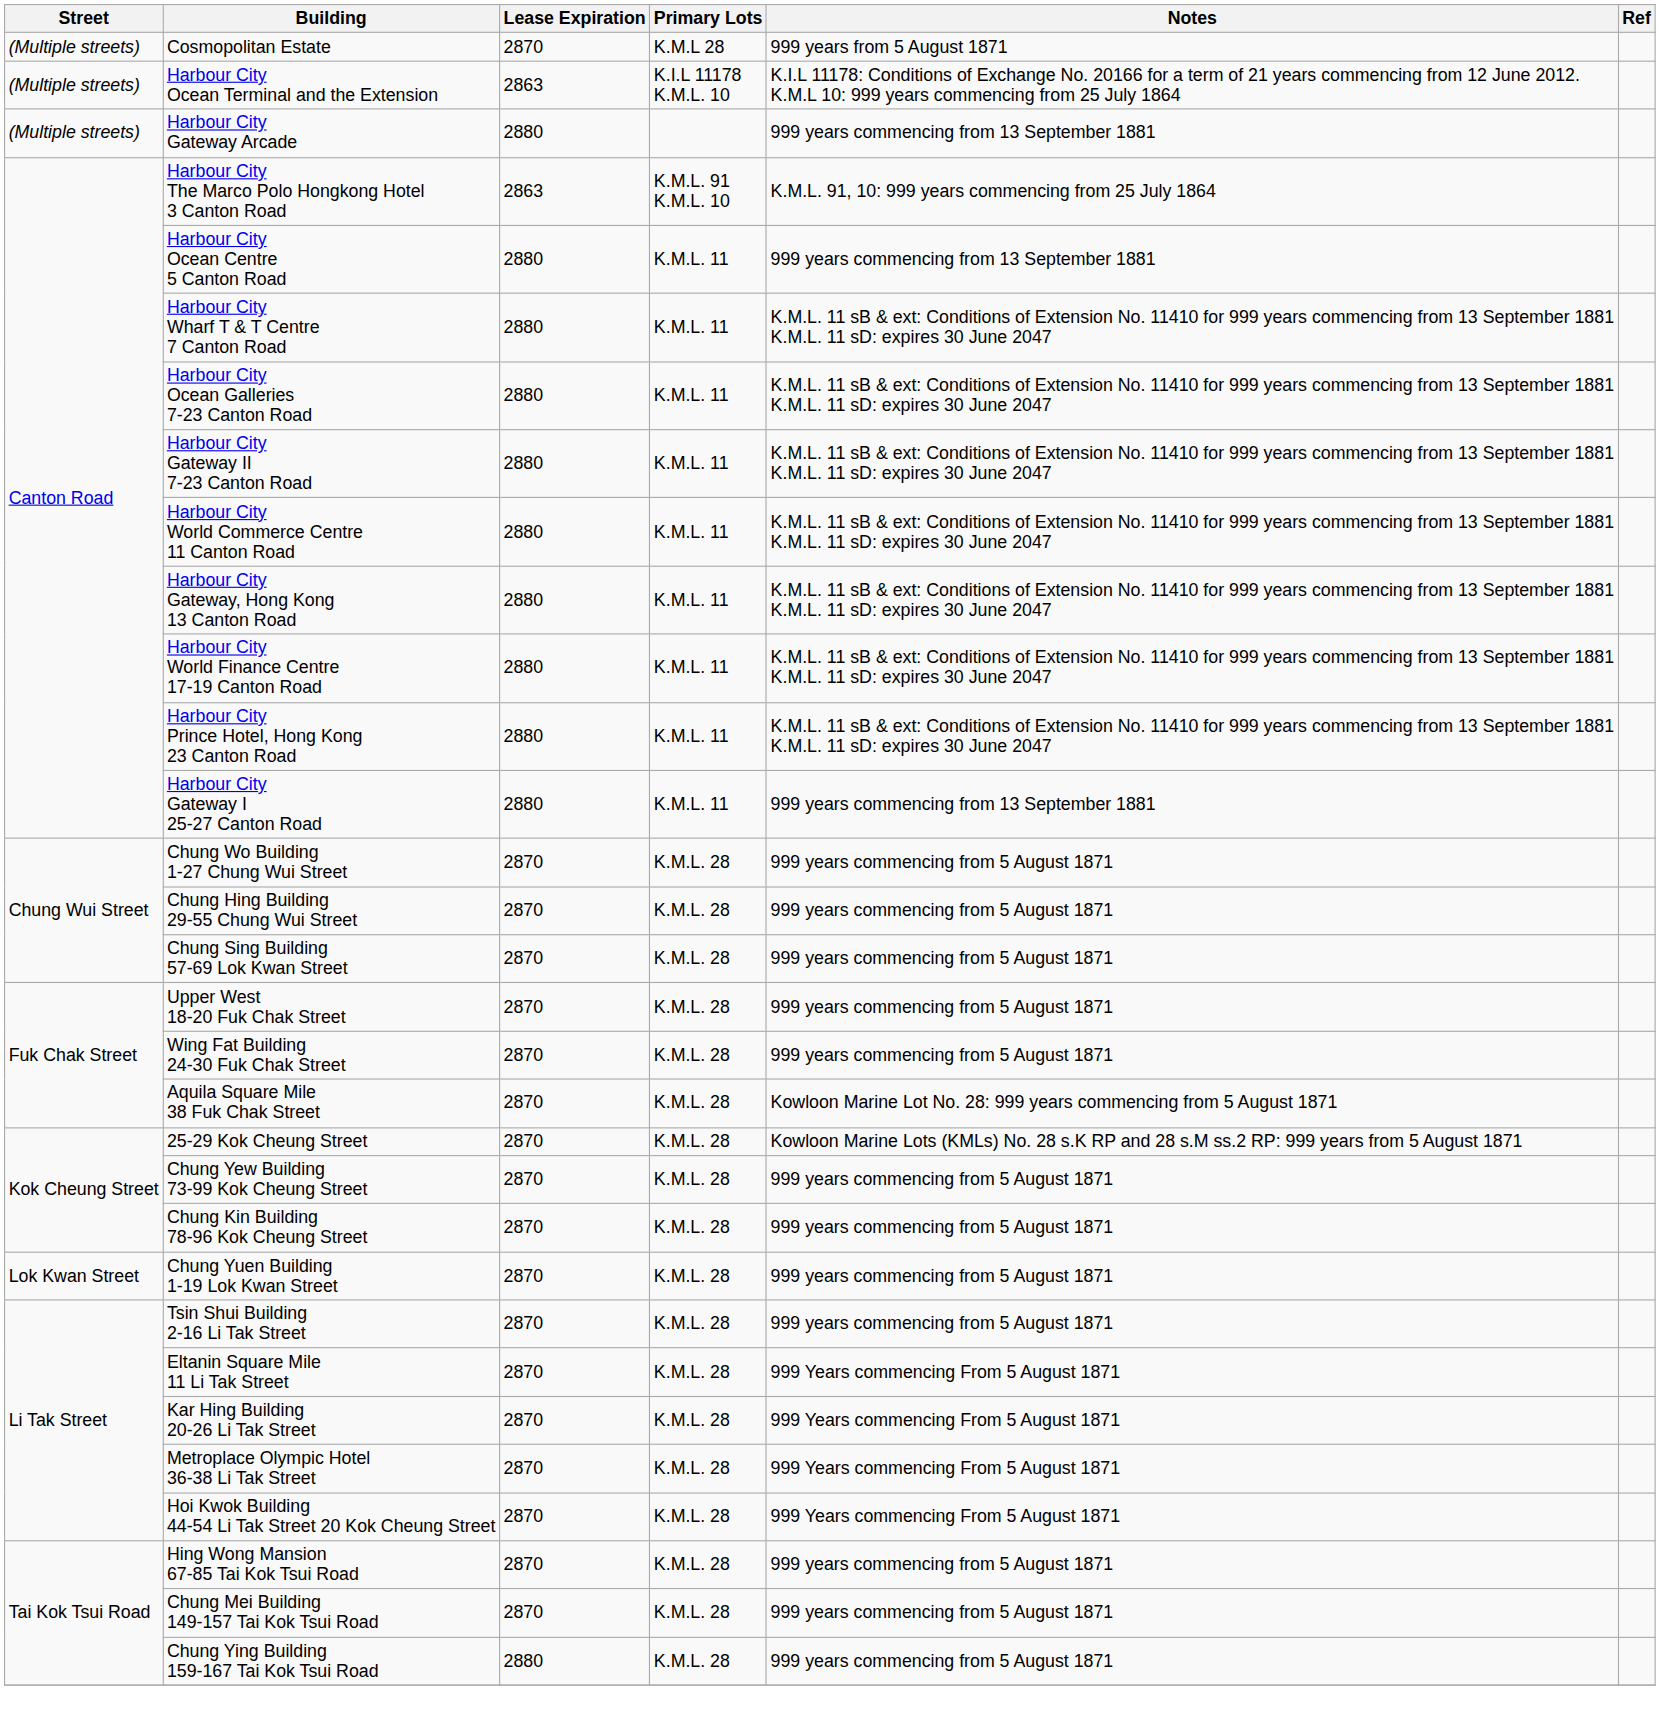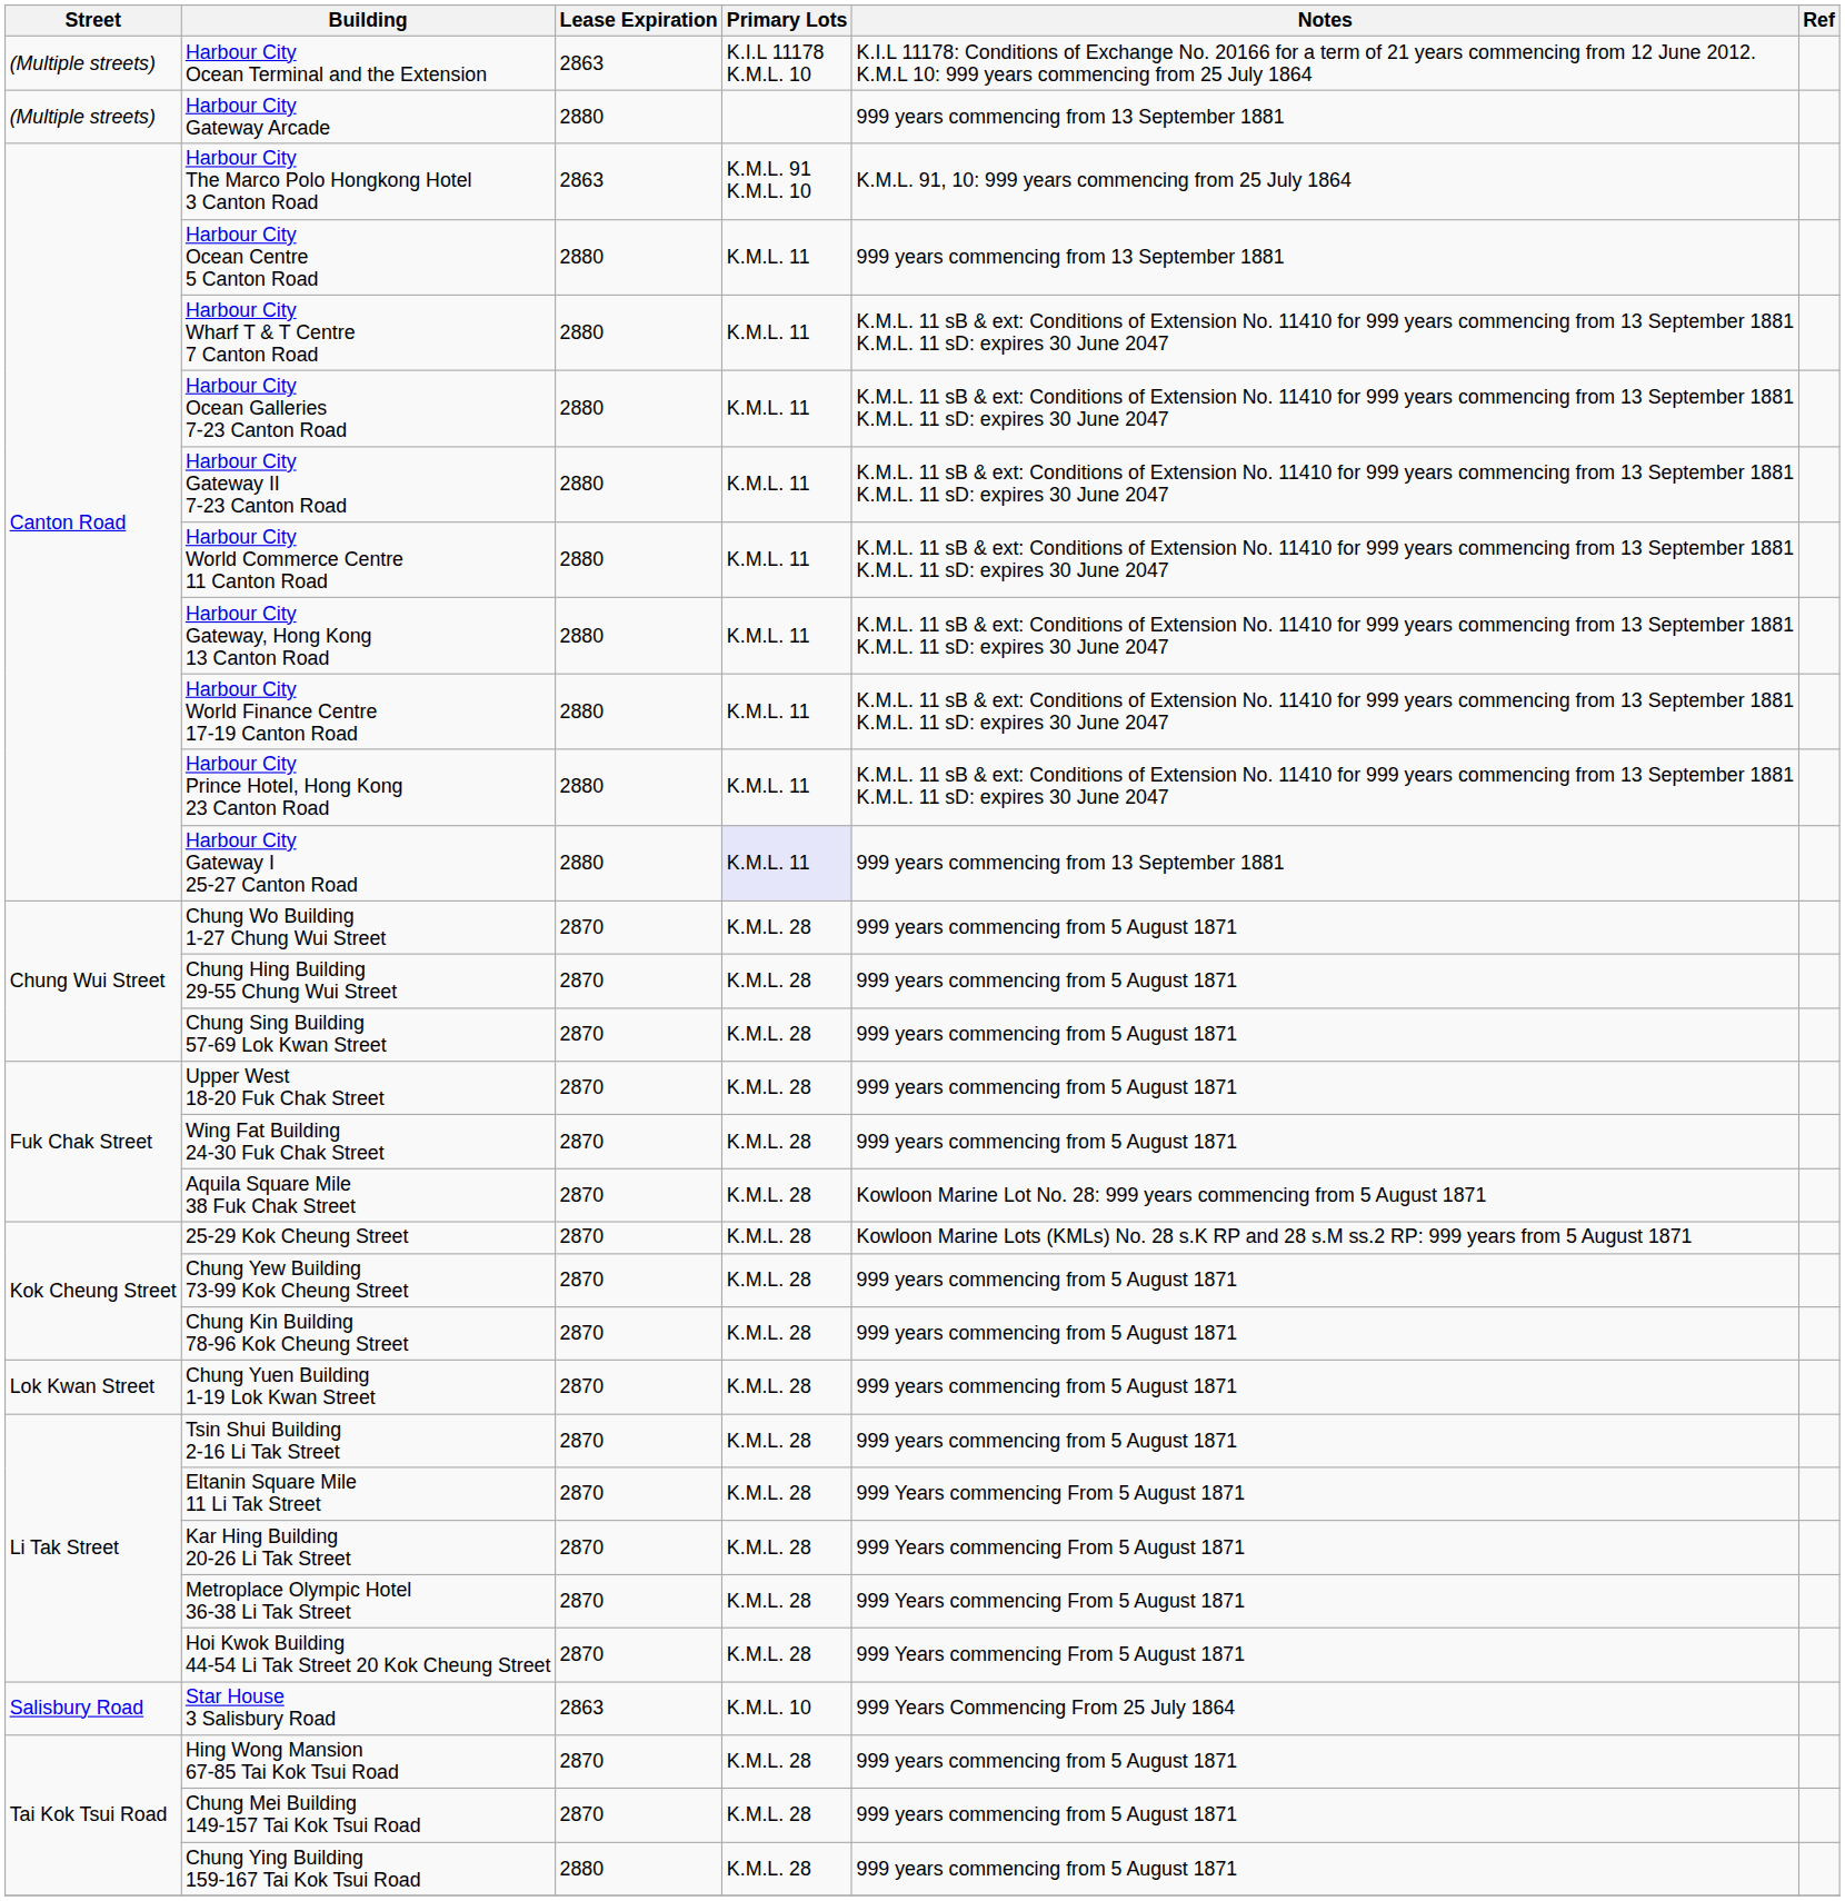 <table class="wikitable">
 <tr>
 <th>Street</th>
 <th>Building</th>
 <th>Lease Expiration</th>
 <th>Primary Lots</th>
 <th>Notes</th>
 <th>Ref</th>
-</tr>
-<tr>
-<td><em>(Multiple streets)</em></td>
-<td>Cosmopolitan Estate</td>
-<td>2870</td>
-<td>K.M.L 28</td>
-<td>999 years from 5 August 1871</td>
-<td></td>
 </tr>
 <tr>
 <td><em>(Multiple streets)</em></td>
 <td><a href='#'>Harbour City</a><br>Ocean Terminal and the Extension</td>
 <td>2863</td>
 <td>K.I.L 11178<br>K.M.L. 10</td>
 <td>K.I.L 11178: Conditions of Exchange No. 20166 for a term of 21 years commencing from 12 June 2012.<br>K.M.L 10: 999 years commencing from 25 July 1864</td>
 <td></td>
 </tr>
 <tr>
 <td><em>(Multiple streets)</em></td>
 <td><a href='#'>Harbour City</a><br>Gateway Arcade</td>
 <td>2880</td>
 <td></td>
 <td>999 years commencing from 13 September 1881</td>
 <td></td>
 </tr>
 <tr>
 <td rowspan="10"><a href='#'>Canton Road</a></td>
 <td><a href='#'>Harbour City</a><br>The Marco Polo Hongkong Hotel<br>3 Canton Road</td>
 <td>2863</td>
 <td>K.M.L. 91<br>K.M.L. 10</td>
 <td>K.M.L. 91, 10: 999 years commencing from 25 July 1864</td>
 <td></td>
 </tr>
 <tr>
 <td><a href='#'>Harbour City</a><br>Ocean Centre<br>5 Canton Road</td>
 <td>2880</td>
 <td>K.M.L. 11</td>
 <td>999 years commencing from 13 September 1881</td>
 <td></td>
 </tr>
 <tr>
 <td><a href='#'>Harbour City</a><br>Wharf T & T Centre<br>7 Canton Road</td>
 <td>2880</td>
 <td>K.M.L. 11</td>
 <td>K.M.L. 11 sB & ext: Conditions of Extension No. 11410 for 999 years commencing from 13 September 1881<br>K.M.L. 11 sD: expires 30 June 2047</td>
 <td></td>
 </tr>
 <tr>
 <td><a href='#'>Harbour City</a><br>Ocean Galleries<br>7-23 Canton Road</td>
 <td>2880</td>
 <td>K.M.L. 11</td>
 <td>K.M.L. 11 sB & ext: Conditions of Extension No. 11410 for 999 years commencing from 13 September 1881<br>K.M.L. 11 sD: expires 30 June 2047</td>
 <td></td>
 </tr>
 <tr>
 <td><a href='#'>Harbour City</a><br>Gateway II<br>7-23 Canton Road</td>
 <td>2880</td>
 <td>K.M.L. 11</td>
 <td>K.M.L. 11 sB & ext: Conditions of Extension No. 11410 for 999 years commencing from 13 September 1881<br>K.M.L. 11 sD: expires 30 June 2047</td>
 <td></td>
 </tr>
 <tr>
 <td><a href='#'>Harbour City</a><br>World Commerce Centre<br>11 Canton Road</td>
 <td>2880</td>
 <td>K.M.L. 11</td>
 <td>K.M.L. 11 sB & ext: Conditions of Extension No. 11410 for 999 years commencing from 13 September 1881<br>K.M.L. 11 sD: expires 30 June 2047</td>
 <td></td>
 </tr>
 <tr>
 <td><a href='#'>Harbour City</a><br>Gateway, Hong Kong<br>13 Canton Road</td>
 <td>2880</td>
 <td>K.M.L. 11</td>
 <td>K.M.L. 11 sB & ext: Conditions of Extension No. 11410 for 999 years commencing from 13 September 1881<br>K.M.L. 11 sD: expires 30 June 2047</td>
 <td></td>
 </tr>
 <tr>
 <td><a href='#'>Harbour City</a><br>World Finance Centre<br>17-19 Canton Road</td>
 <td>2880</td>
 <td>K.M.L. 11</td>
 <td>K.M.L. 11 sB & ext: Conditions of Extension No. 11410 for 999 years commencing from 13 September 1881<br>K.M.L. 11 sD: expires 30 June 2047</td>
 <td></td>
 </tr>
 <tr>
 <td><a href='#'>Harbour City</a><br>Prince Hotel, Hong Kong<br>23 Canton Road</td>
 <td>2880</td>
 <td>K.M.L. 11</td>
 <td>K.M.L. 11 sB & ext: Conditions of Extension No. 11410 for 999 years commencing from 13 September 1881<br>K.M.L. 11 sD: expires 30 June 2047</td>
 <td></td>
 </tr>
 <tr>
 <td><a href='#'>Harbour City</a><br>Gateway I<br>25-27 Canton Road</td>
 <td>2880</td>
-<td>K.M.L. 11</td>
+<td style="background: lavender;">K.M.L. 11</td>
 <td>999 years commencing from 13 September 1881</td>
 <td></td>
 </tr>
 <tr>
 <td rowspan="3">Chung Wui Street</td>
 <td>Chung Wo Building<br>1-27 Chung Wui Street</td>
 <td>2870</td>
 <td>K.M.L. 28</td>
 <td>999 years commencing from 5 August 1871</td>
 <td></td>
 </tr>
 <tr>
 <td>Chung Hing Building<br>29-55 Chung Wui Street</td>
 <td>2870</td>
 <td>K.M.L. 28</td>
 <td>999 years commencing from 5 August 1871</td>
 <td></td>
 </tr>
 <tr>
 <td>Chung Sing Building<br>57-69 Lok Kwan Street</td>
 <td>2870</td>
 <td>K.M.L. 28</td>
 <td>999 years commencing from 5 August 1871</td>
 <td></td>
 </tr>
 <tr>
 <td rowspan="3">Fuk Chak Street</td>
 <td>Upper West<br>18-20 Fuk Chak Street</td>
 <td>2870</td>
 <td>K.M.L. 28</td>
 <td>999 years commencing from 5 August 1871</td>
 <td></td>
 </tr>
 <tr>
 <td>Wing Fat Building<br>24-30 Fuk Chak Street</td>
 <td>2870</td>
 <td>K.M.L. 28</td>
 <td>999 years commencing from 5 August 1871</td>
 <td></td>
 </tr>
 <tr>
 <td>Aquila Square Mile<br>38 Fuk Chak Street</td>
 <td>2870</td>
 <td>K.M.L. 28</td>
 <td>Kowloon Marine Lot No. 28: 999 years commencing from 5 August 1871</td>
 <td></td>
 </tr>
 <tr>
 <td rowspan="3">Kok Cheung Street</td>
 <td>25-29 Kok Cheung Street</td>
 <td>2870</td>
 <td>K.M.L. 28</td>
 <td>Kowloon Marine Lots (KMLs) No. 28 s.K RP and 28 s.M ss.2 RP: 999 years from 5 August 1871</td>
 <td></td>
 </tr>
 <tr>
 <td>Chung Yew Building<br>73-99 Kok Cheung Street</td>
 <td>2870</td>
 <td>K.M.L. 28</td>
 <td>999 years commencing from 5 August 1871</td>
 <td></td>
 </tr>
 <tr>
 <td>Chung Kin Building<br>78-96 Kok Cheung Street</td>
 <td>2870</td>
 <td>K.M.L. 28</td>
 <td>999 years commencing from 5 August 1871</td>
 <td></td>
 </tr>
 <tr>
 <td>Lok Kwan Street</td>
 <td>Chung Yuen Building<br>1-19 Lok Kwan Street</td>
 <td>2870</td>
 <td>K.M.L. 28</td>
 <td>999 years commencing from 5 August 1871</td>
 <td></td>
 </tr>
 <tr>
 <td rowspan="5">Li Tak Street</td>
 <td>Tsin Shui Building<br>2-16 Li Tak Street</td>
 <td>2870</td>
 <td>K.M.L. 28</td>
 <td>999 years commencing from 5 August 1871</td>
 <td></td>
 </tr>
 <tr>
 <td>Eltanin Square Mile<br>11 Li Tak Street</td>
 <td>2870</td>
 <td>K.M.L. 28</td>
 <td>999 Years commencing From 5 August 1871</td>
 <td></td>
 </tr>
 <tr>
 <td>Kar Hing Building<br>20-26 Li Tak Street</td>
 <td>2870</td>
 <td>K.M.L. 28</td>
 <td>999 Years commencing From 5 August 1871</td>
 <td></td>
 </tr>
 <tr>
 <td>Metroplace Olympic Hotel<br>36-38 Li Tak Street</td>
 <td>2870</td>
 <td>K.M.L. 28</td>
 <td>999 Years commencing From 5 August 1871</td>
 <td></td>
 </tr>
 <tr>
 <td>Hoi Kwok Building<br>44-54 Li Tak Street 20 Kok Cheung Street</td>
 <td>2870</td>
 <td>K.M.L. 28</td>
 <td>999 Years commencing From 5 August 1871</td>
 <td></td>
 </tr>
 <tr>
+<td><a href='#'>Salisbury Road</a></td>
+<td><a href='#'>Star House</a><br>3 Salisbury Road</td>
+<td>2863</td>
+<td>K.M.L. 10</td>
+<td>999 Years Commencing From 25 July 1864</td>
+<td></td>
+</tr>
+<tr>
 <td rowspan="3">Tai Kok Tsui Road</td>
 <td>Hing Wong Mansion<br>67-85 Tai Kok Tsui Road</td>
 <td>2870</td>
 <td>K.M.L. 28</td>
 <td>999 years commencing from 5 August 1871</td>
 <td></td>
 </tr>
 <tr>
 <td>Chung Mei Building<br>149-157 Tai Kok Tsui Road</td>
 <td>2870</td>
 <td>K.M.L. 28</td>
 <td>999 years commencing from 5 August 1871</td>
 <td></td>
 </tr>
 <tr>
 <td>Chung Ying Building<br>159-167 Tai Kok Tsui Road</td>
 <td>2880</td>
 <td>K.M.L. 28</td>
 <td>999 years commencing from 5 August 1871</td>
 <td></td>
 </tr>
 <tr>
 </tr>
 </table>
